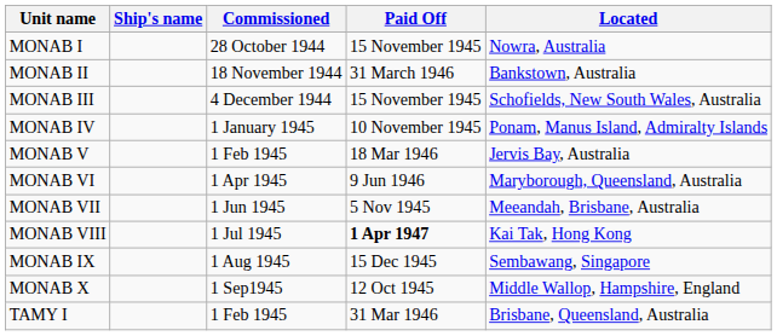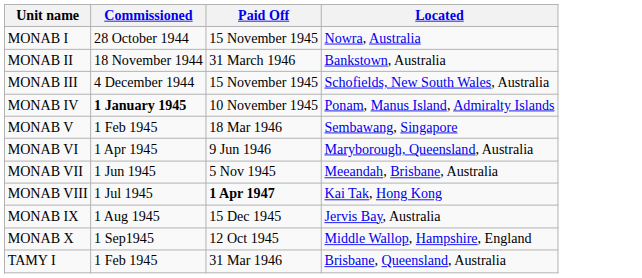 <table class="wikitable sortable">
 <tr>
 <th>Unit name</th>
-<th><a href='#'>Ship's name</a></th>
 <th><a href='#'>Commissioned</a></th>
 <th><a href='#'>Paid Off</a></th>
 <th><a href='#'>Located</a></th>
 </tr>
 <tr>
 <td>MONAB I</td>
-<td></td>
 <td>28 October 1944</td>
 <td>15 November 1945</td>
 <td><a href='#'>Nowra</a>, <a href='#'>Australia</a></td>
 </tr>
 <tr>
 <td>MONAB II</td>
-<td></td>
 <td>18 November 1944</td>
 <td>31 March 1946</td>
 <td><a href='#'>Bankstown</a>, Australia</td>
 </tr>
 <tr>
 <td>MONAB III</td>
-<td></td>
 <td>4 December 1944</td>
 <td>15 November 1945</td>
 <td><a href='#'>Schofields, New South Wales</a>, Australia</td>
 </tr>
 <tr>
 <td>MONAB IV</td>
-<td></td>
-<td>1 January 1945</td>
+<td><strong>1 January 1945</strong></td>
 <td>10 November 1945</td>
 <td><a href='#'> Ponam</a>, <a href='#'>Manus Island</a>, <a href='#'>Admiralty Islands</a></td>
 </tr>
 <tr>
 <td>MONAB V</td>
-<td></td>
 <td>1 Feb 1945</td>
 <td>18 Mar 1946</td>
-<td><a href='#'>Jervis Bay</a>, Australia</td>
+<td><a href='#'>Sembawang</a>, <a href='#'>Singapore</a></td>
 </tr>
 <tr>
 <td>MONAB VI</td>
-<td></td>
 <td>1 Apr 1945</td>
 <td>9 Jun 1946</td>
 <td><a href='#'>Maryborough, Queensland</a>, Australia</td>
 </tr>
 <tr>
 <td>MONAB VII</td>
-<td></td>
 <td>1 Jun 1945</td>
 <td>5 Nov 1945</td>
 <td><a href='#'>Meeandah</a>, <a href='#'>Brisbane</a>, Australia</td>
 </tr>
 <tr>
 <td>MONAB VIII</td>
-<td></td>
 <td>1 Jul 1945</td>
 <td><strong>1 Apr 1947</strong></td>
 <td><a href='#'>Kai Tak</a>, <a href='#'>Hong Kong</a></td>
 </tr>
 <tr>
 <td>MONAB IX</td>
-<td></td>
 <td>1 Aug 1945</td>
 <td>15 Dec 1945</td>
-<td><a href='#'>Sembawang</a>, <a href='#'>Singapore</a></td>
+<td><a href='#'>Jervis Bay</a>, Australia</td>
 </tr>
 <tr>
 <td>MONAB X</td>
-<td></td>
 <td>1 Sep1945</td>
 <td>12 Oct 1945</td>
 <td><a href='#'>Middle Wallop</a>, <a href='#'>Hampshire</a>, England</td>
 </tr>
 <tr>
 <td>TAMY I</td>
-<td></td>
 <td>1 Feb 1945</td>
 <td>31 Mar 1946</td>
 <td><a href='#'>Brisbane</a>, <a href='#'>Queensland</a>, Australia</td>
 </tr>
 </table>
